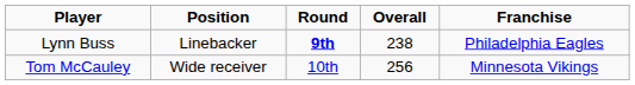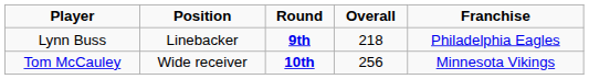 <table class="wikitable" width="50%">
 <tr align="center">
 <td><strong>Player</strong></td>
 <td><strong>Position</strong></td>
 <td><strong>Round</strong></td>
 <td><strong>Overall</strong></td>
 <td><strong>Franchise</strong></td>
 </tr>
 <tr align="center" bgcolor="">
 <td>Lynn Buss</td>
 <td>Linebacker</td>
 <td><strong><a href='#'>9th</a></strong></td>
-<td>238</td>
+<td>218</td>
 <td><a href='#'>Philadelphia Eagles</a></td>
 </tr>
 <tr align="center" bgcolor="">
 <td><a href='#'>Tom McCauley</a></td>
 <td>Wide receiver</td>
-<td><a href='#'>10th</a></td>
+<td><strong><a href='#'>10th</a></strong></td>
 <td>256</td>
 <td><a href='#'>Minnesota Vikings</a></td>
 </tr>
 </table>
